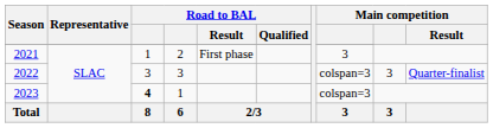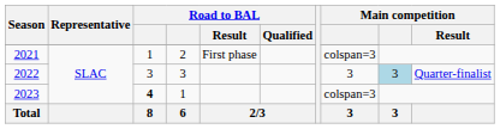 <table class="wikitable" style="text-align:center;">
 <tr>
 <th rowspan=2>Season</th>
 <th rowspan="2">Representative</th>
 <th colspan=4><a href='#'>Road to BAL</a></th>
 <th rowspan="100"></th>
 <th colspan=3>Main competition</th>
 </tr>
 <tr>
 <th width=35></th>
 <th width=35></th>
 <th>Result</th>
 <th>Qualified</th>
 <th width=35></th>
 <th width=35></th>
 <th>Result</th>
 </tr>
 <tr>
 </tr>
 <tr>
 <td><a href='#'>2021</a></td>
 <td rowspan="3"><a href='#'>SLAC</a></td>
 <td>1</td>
 <td>2</td>
 <td>First phase</td>
 <td></td>
-<td>3</td>
+<td>colspan=3  </td>
 </tr>
 <tr>
 <td><a href='#'>2022</a></td>
 <td>3</td>
 <td>3</td>
 <td></td>
 <td></td>
-<td>colspan=3  </td>
 <td>3</td>
+<td style="background: lightblue;">3</td>
 <td><a href='#'>Quarter-finalist</a></td>
 </tr>
 <tr>
 <td><a href='#'>2023</a></td>
 <td><strong>4</strong></td>
 <td>1</td>
 <td></td>
 <td></td>
 <td>colspan=3 </td>
 </tr>
 <tr>
 <th>Total</th>
 <th></th>
 <th>8</th>
 <th>6</th>
 <th colspan=2>2/3</th>
 <th>3</th>
 <th>3</th>
 <th></th>
 </tr>
 </table>
